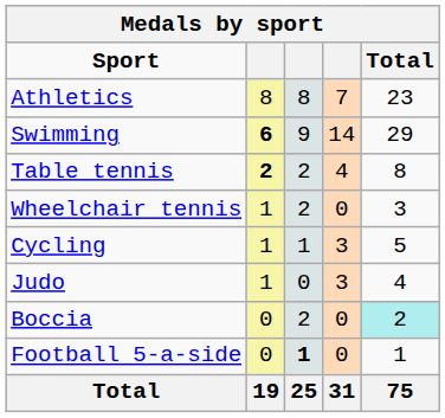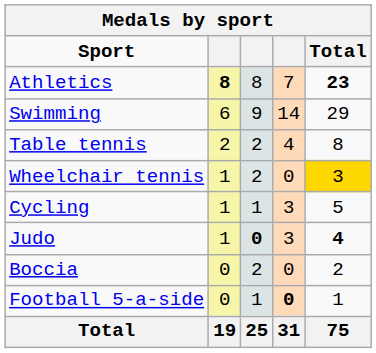 <table class="wikitable" border="1"  style="float:right">
 <tr>
 <th colspan=5><strong>Medals by sport</strong></th>
 </tr>
 <tr align=center>
 <td><strong>Sport</strong></td>
 <th bgcolor=#f7f6a8></th>
 <th bgcolor=#dce5e5></th>
 <th bgcolor=#ffdab9></th>
 <th><strong>Total</strong></th>
 </tr>
 <tr align=center>
 <td align=left><a href='#'>Athletics</a></td>
-<td bgcolor=#f7f6a8>8</td>
+<td bgcolor=#f7f6a8><strong>8</strong></td>
 <td bgcolor=#dce5e5>8</td>
 <td bgcolor=#ffdab9>7</td>
-<td>23</td>
+<td><strong>23</strong></td>
 </tr>
 <tr align=center>
 <td align=left><a href='#'>Swimming</a></td>
-<td bgcolor=#f7f6a8><strong>6</strong></td>
+<td bgcolor=#f7f6a8>6</td>
 <td bgcolor=#dce5e5>9</td>
 <td bgcolor=#ffdab9>14</td>
 <td>29</td>
 </tr>
 <tr align=center>
 <td align=left><a href='#'>Table tennis</a></td>
-<td bgcolor=#f7f6a8><strong>2</strong></td>
+<td bgcolor=#f7f6a8>2</td>
 <td bgcolor=#dce5e5>2</td>
 <td bgcolor=#ffdab9>4</td>
 <td>8</td>
 </tr>
 <tr align=center>
 <td align=left><a href='#'>Wheelchair tennis</a></td>
 <td bgcolor=#f7f6a8>1</td>
 <td bgcolor=#dce5e5>2</td>
 <td bgcolor=#ffdab9>0</td>
-<td>3</td>
+<td style="background: gold;">3</td>
 </tr>
 <tr align=center>
 <td align=left><a href='#'>Cycling</a></td>
 <td bgcolor=#f7f6a8>1</td>
 <td bgcolor=#dce5e5>1</td>
 <td bgcolor=#ffdab9>3</td>
 <td>5</td>
 </tr>
 <tr align=center>
 <td align=left><a href='#'>Judo</a></td>
 <td bgcolor=#f7f6a8>1</td>
-<td bgcolor=#dce5e5>0</td>
+<td bgcolor=#dce5e5><strong>0</strong></td>
 <td bgcolor=#ffdab9>3</td>
-<td>4</td>
+<td><strong>4</strong></td>
 </tr>
 <tr align=center>
 <td align=left><a href='#'>Boccia</a></td>
 <td bgcolor=#f7f6a8>0</td>
 <td bgcolor=#dce5e5>2</td>
 <td bgcolor=#ffdab9>0</td>
-<td style="background: paleturquoise;">2</td>
+<td>2</td>
 </tr>
 <tr align=center>
 <td align=left><a href='#'>Football 5-a-side</a></td>
 <td bgcolor=#f7f6a8>0</td>
-<td bgcolor=#dce5e5><strong>1</strong></td>
-<td bgcolor=#ffdab9>0</td>
+<td bgcolor=#dce5e5>1</td>
+<td bgcolor=#ffdab9><strong>0</strong></td>
 <td>1</td>
 </tr>
 <tr align=center>
 <th bgcolor=#efefef><strong>Total</strong></th>
 <th bgcolor=#f7f6a8>19</th>
 <th bgcolor=#dce5e5>25</th>
 <th bgcolor=#ffdab9>31</th>
 <th>75</th>
 </tr>
 </table>
